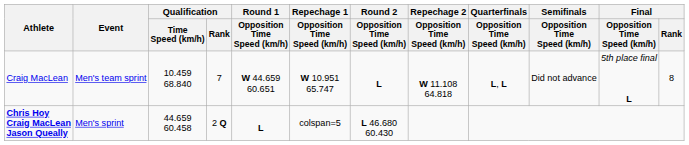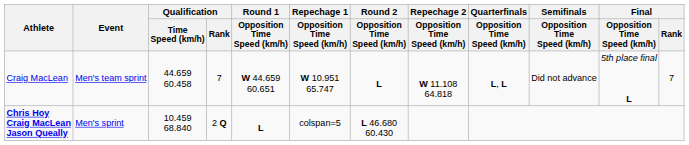 <table class="wikitable" style="font-size:90%;">
 <tr>
 <th rowspan=2>Athlete</th>
 <th rowspan=2>Event</th>
 <th colspan="2">Qualification</th>
 <th>Round 1</th>
 <th>Repechage 1</th>
 <th>Round 2</th>
 <th>Repechage 2</th>
 <th>Quarterfinals</th>
 <th>Semifinals</th>
 <th colspan=2>Final</th>
 </tr>
 <tr style="font-size:95%">
 <th>Time<br>Speed (km/h)</th>
 <th>Rank</th>
 <th>Opposition<br>Time<br>Speed (km/h)</th>
 <th>Opposition<br>Time<br>Speed (km/h)</th>
 <th>Opposition<br>Time<br>Speed (km/h)</th>
 <th>Opposition<br>Time<br>Speed (km/h)</th>
 <th>Opposition<br>Time<br>Speed (km/h)</th>
 <th>Opposition<br>Time<br>Speed (km/h)</th>
 <th>Opposition<br>Time<br>Speed (km/h)</th>
 <th>Rank</th>
 </tr>
 <tr align=center>
 <td align=left><a href='#'>Craig MacLean</a></td>
 <td align=left><a href='#'>Men's team sprint</a></td>
-<td>10.459<br>68.840</td>
+<td>44.659<br> 60.458</td>
 <td>7</td>
 <td><br> <strong>W</strong> 44.659<br>60.651</td>
 <td><br><strong>W</strong> 10.951<br>65.747</td>
 <td><br><strong>L</strong></td>
 <td><br><br><strong>W</strong> 11.108<br>64.818</td>
 <td><br><strong>L</strong>, <strong>L</strong></td>
 <td>Did not advance</td>
 <td><em>5th place final</em><br><br><br><br> <strong>L</strong></td>
-<td>8</td>
+<td>7</td>
 </tr>
 <tr align=center>
 <td align=left><strong><a href='#'>Chris Hoy</a><br><a href='#'>Craig MacLean</a><br><a href='#'>Jason Queally</a></strong></td>
 <td align=left><a href='#'>Men's sprint</a></td>
-<td>44.659<br> 60.458</td>
+<td>10.459<br>68.840</td>
 <td>2 <strong>Q</strong></td>
 <td><br><strong>L</strong> </td>
 <td>colspan=5 </td>
 <td><br><strong>L</strong> 46.680<br>60.430</td>
 <td></td>
 </tr>
 </table>
